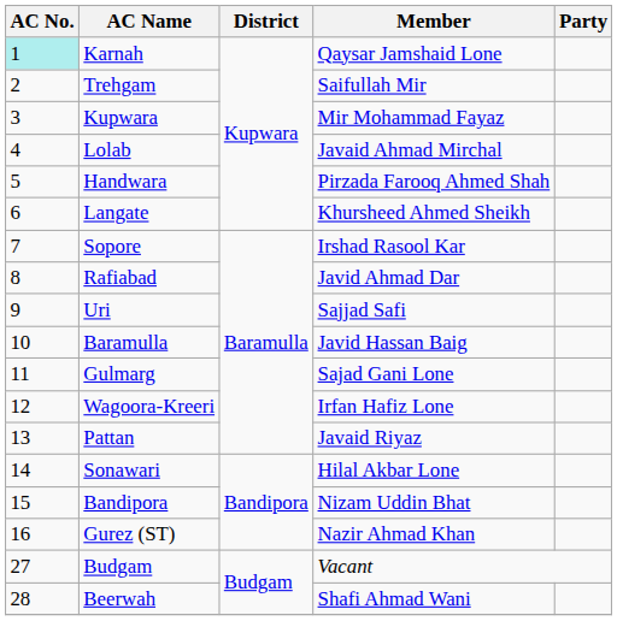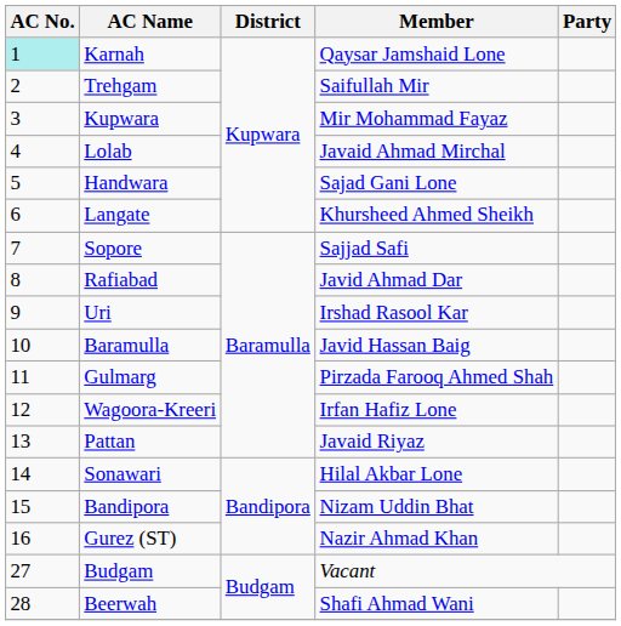 <table class="wikitable sortable">
 <tr>
 <th>AC No.</th>
 <th>AC Name</th>
 <th>District</th>
 <th>Member</th>
 <th colspan="2">Party</th>
 </tr>
 <tr>
 <td style="background: paleturquoise;">1</td>
 <td><a href='#'>Karnah</a></td>
 <td rowspan="6"><a href='#'>Kupwara</a></td>
 <td><a href='#'>Qaysar Jamshaid Lone</a></td>
 <td></td>
 </tr>
 <tr>
 <td>2</td>
 <td><a href='#'>Trehgam</a></td>
 <td><a href='#'>Saifullah Mir</a></td>
 <td></td>
 </tr>
 <tr>
 <td>3</td>
 <td><a href='#'>Kupwara</a></td>
 <td><a href='#'>Mir Mohammad Fayaz</a></td>
 <td></td>
 </tr>
 <tr>
 <td>4</td>
 <td><a href='#'>Lolab</a></td>
 <td><a href='#'>Javaid Ahmad Mirchal</a></td>
 <td></td>
 </tr>
 <tr>
 <td>5</td>
 <td><a href='#'>Handwara</a></td>
-<td><a href='#'>Pirzada Farooq Ahmed Shah</a></td>
+<td><a href='#'>Sajad Gani Lone</a></td>
 <td></td>
 </tr>
 <tr>
 <td>6</td>
 <td><a href='#'>Langate</a></td>
 <td><a href='#'>Khursheed Ahmed Sheikh</a></td>
 <td></td>
 </tr>
 <tr>
 <td>7</td>
 <td><a href='#'>Sopore</a></td>
 <td rowspan=7><a href='#'>Baramulla</a></td>
-<td><a href='#'>Irshad Rasool Kar</a></td>
+<td><a href='#'>Sajjad Safi</a></td>
 <td></td>
 </tr>
 <tr>
 <td>8</td>
 <td><a href='#'>Rafiabad</a></td>
 <td><a href='#'>Javid Ahmad Dar</a></td>
 <td></td>
 </tr>
 <tr>
 <td>9</td>
 <td><a href='#'>Uri</a></td>
-<td><a href='#'>Sajjad Safi</a></td>
+<td><a href='#'>Irshad Rasool Kar</a></td>
 <td></td>
 </tr>
 <tr>
 <td>10</td>
 <td><a href='#'>Baramulla</a></td>
 <td><a href='#'>Javid Hassan Baig</a></td>
 <td></td>
 </tr>
 <tr>
 <td>11</td>
 <td><a href='#'>Gulmarg</a></td>
-<td><a href='#'>Sajad Gani Lone</a></td>
+<td><a href='#'>Pirzada Farooq Ahmed Shah</a></td>
 <td></td>
 </tr>
 <tr>
 <td>12</td>
 <td><a href='#'>Wagoora-Kreeri</a></td>
 <td><a href='#'>Irfan Hafiz Lone</a></td>
 <td></td>
 </tr>
 <tr>
 <td>13</td>
 <td><a href='#'>Pattan</a></td>
 <td><a href='#'>Javaid Riyaz</a></td>
 <td></td>
 </tr>
 <tr>
 <td>14</td>
 <td><a href='#'>Sonawari</a></td>
 <td rowspan=3><a href='#'>Bandipora</a></td>
 <td><a href='#'>Hilal Akbar Lone</a></td>
 <td></td>
 </tr>
 <tr>
 <td>15</td>
 <td><a href='#'>Bandipora</a></td>
 <td><a href='#'>Nizam Uddin Bhat</a></td>
 <td></td>
 </tr>
 <tr>
 <td>16</td>
 <td><a href='#'>Gurez</a> (ST)</td>
 <td><a href='#'>Nazir Ahmad Khan</a></td>
 <td></td>
 </tr>
 <tr>
 <td>27</td>
 <td><a href='#'>Budgam</a></td>
 <td rowspan=2><a href='#'>Budgam</a></td>
 <td colspan=3><em>Vacant</em></td>
 </tr>
 <tr>
 <td>28</td>
 <td><a href='#'>Beerwah</a></td>
 <td><a href='#'>Shafi Ahmad Wani</a></td>
 <td></td>
 </tr>
 <tr>
 </tr>
 </table>
